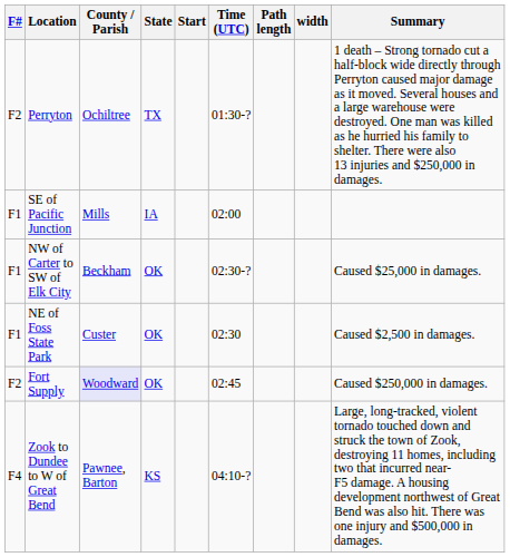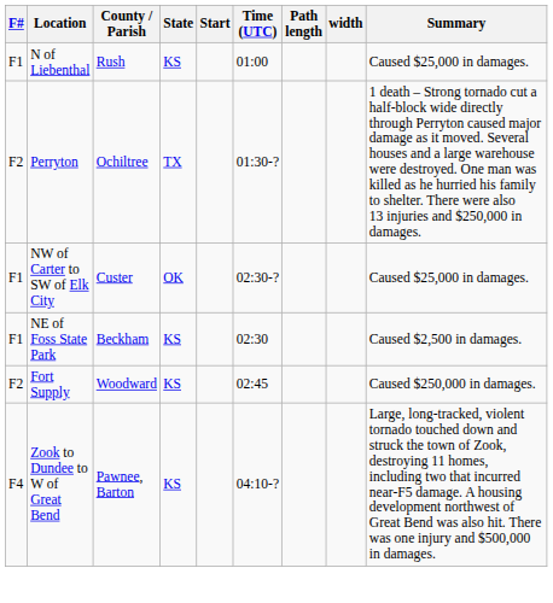 <table class="wikitable sortable" style="width:100%;">
 <tr>
 <th scope="col"  style="width:3%; text-align:center;"><a href='#'>F#</a></th>
 <th scope="col"  style="width:7%; text-align:center;" class="unsortable">Location</th>
 <th scope="col"  style="width:6%; text-align:center;" class="unsortable">County / Parish</th>
 <th scope="col"  style="width:5%; text-align:center;">State</th>
 <th scope="col"  style="width:6%; text-align:center;">Start<br></th>
 <th scope="col"  style="width:6%; text-align:center;">Time (<a href='#'>UTC</a>)</th>
 <th scope="col"  style="width:6%; text-align:center;">Path length</th>
 <th scope="col"  style="width:6%; text-align:center;"> width</th>
 <th scope="col" class="unsortable" style="width:48%; text-align:center;">Summary</th>
+</tr>
+<tr>
+<td>F1</td>
+<td>N of <a href='#'>Liebenthal</a></td>
+<td><a href='#'>Rush</a></td>
+<td><a href='#'>KS</a></td>
+<td></td>
+<td>01:00</td>
+<td></td>
+<td></td>
+<td>Caused $25,000 in damages.</td>
 </tr>
 <tr>
 <td>F2</td>
 <td><a href='#'>Perryton</a></td>
 <td><a href='#'>Ochiltree</a></td>
 <td><a href='#'>TX</a></td>
 <td></td>
 <td>01:30-?</td>
 <td></td>
 <td></td>
 <td>1 death – Strong tornado cut a half-block wide directly through Perryton caused major damage as it moved. Several houses and a large warehouse were destroyed. One man was killed as he hurried his family to shelter. There were also 13 injuries and $250,000 in damages.</td>
 </tr>
 <tr>
 <td>F1</td>
-<td>SE of <a href='#'>Pacific Junction</a></td>
-<td><a href='#'>Mills</a></td>
-<td><a href='#'>IA</a></td>
-<td></td>
-<td>02:00</td>
-<td></td>
-<td></td>
-<td></td>
-</tr>
-<tr>
-<td>F1</td>
 <td>NW of <a href='#'>Carter</a> to SW of <a href='#'>Elk City</a></td>
-<td><a href='#'>Beckham</a></td>
+<td><a href='#'>Custer</a></td>
 <td><a href='#'>OK</a></td>
 <td></td>
 <td>02:30-?</td>
 <td></td>
 <td></td>
 <td>Caused $25,000 in damages.</td>
 </tr>
 <tr>
 <td>F1</td>
 <td>NE of <a href='#'>Foss State Park</a></td>
-<td><a href='#'>Custer</a></td>
-<td><a href='#'>OK</a></td>
+<td><a href='#'>Beckham</a></td>
+<td><a href='#'>KS</a></td>
 <td></td>
 <td>02:30</td>
 <td></td>
 <td></td>
 <td>Caused $2,500 in damages.</td>
 </tr>
 <tr>
 <td>F2</td>
 <td><a href='#'>Fort Supply</a></td>
-<td style="background: lavender;"><a href='#'>Woodward</a></td>
-<td><a href='#'>OK</a></td>
+<td><a href='#'>Woodward</a></td>
+<td><a href='#'>KS</a></td>
 <td></td>
 <td>02:45</td>
 <td></td>
 <td></td>
 <td>Caused $250,000 in damages.</td>
 </tr>
 <tr>
 <td>F4</td>
 <td><a href='#'>Zook</a> to <a href='#'>Dundee</a> to W of <a href='#'>Great Bend</a></td>
 <td><a href='#'>Pawnee</a>, <a href='#'>Barton</a></td>
 <td><a href='#'>KS</a></td>
 <td></td>
 <td>04:10-?</td>
 <td></td>
 <td></td>
 <td>Large, long-tracked, violent tornado touched down and struck the town of Zook, destroying 11 homes, including two that incurred near-F5 damage. A housing development northwest of Great Bend was also hit. There was one injury and $500,000 in damages.</td>
 </tr>
 </table>
